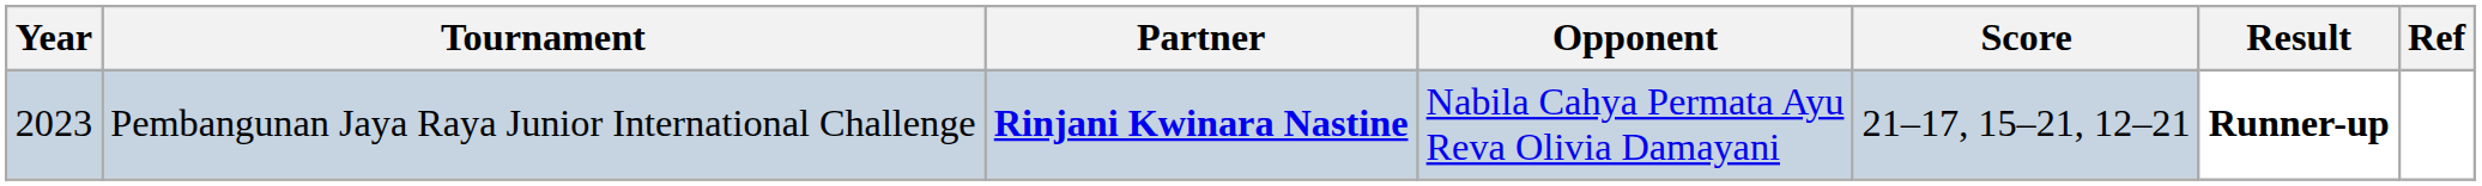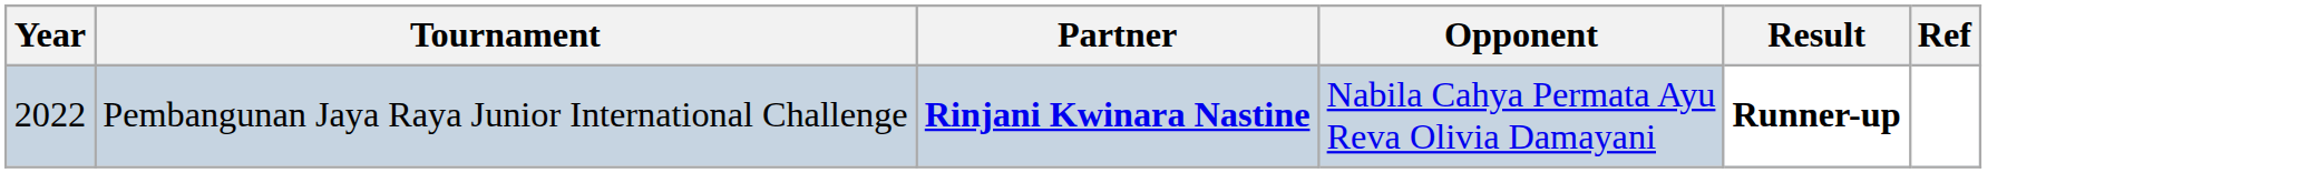 <table class="sortable wikitable" style="font-size: 90%">
 <tr>
 <th>Year</th>
 <th>Tournament</th>
 <th>Partner</th>
 <th>Opponent</th>
-<th>Score</th>
 <th>Result</th>
 <th>Ref</th>
 </tr>
 <tr style="background:#C6D4E1">
-<td align="center">2023</td>
+<td align="center">2022</td>
 <td align="left">Pembangunan Jaya Raya Junior International Challenge</td>
 <td align="left"><strong> <a href='#'>Rinjani Kwinara Nastine</a></strong></td>
 <td align="left"> <a href='#'>Nabila Cahya Permata Ayu</a><br> <a href='#'>Reva Olivia Damayani</a></td>
-<td align="left">21–17, 15–21, 12–21</td>
 <td style="text-align:left; background:white"> <strong>Runner-up</strong></td>
 <td style="text-align:center; background:white"></td>
 </tr>
 </table>
